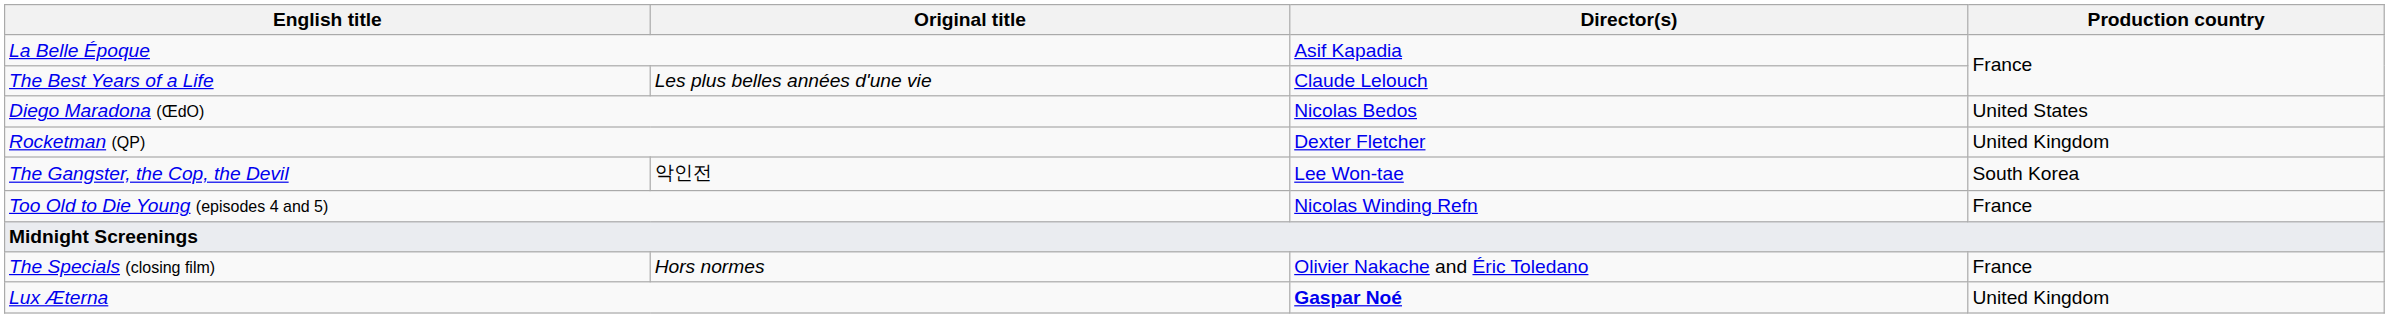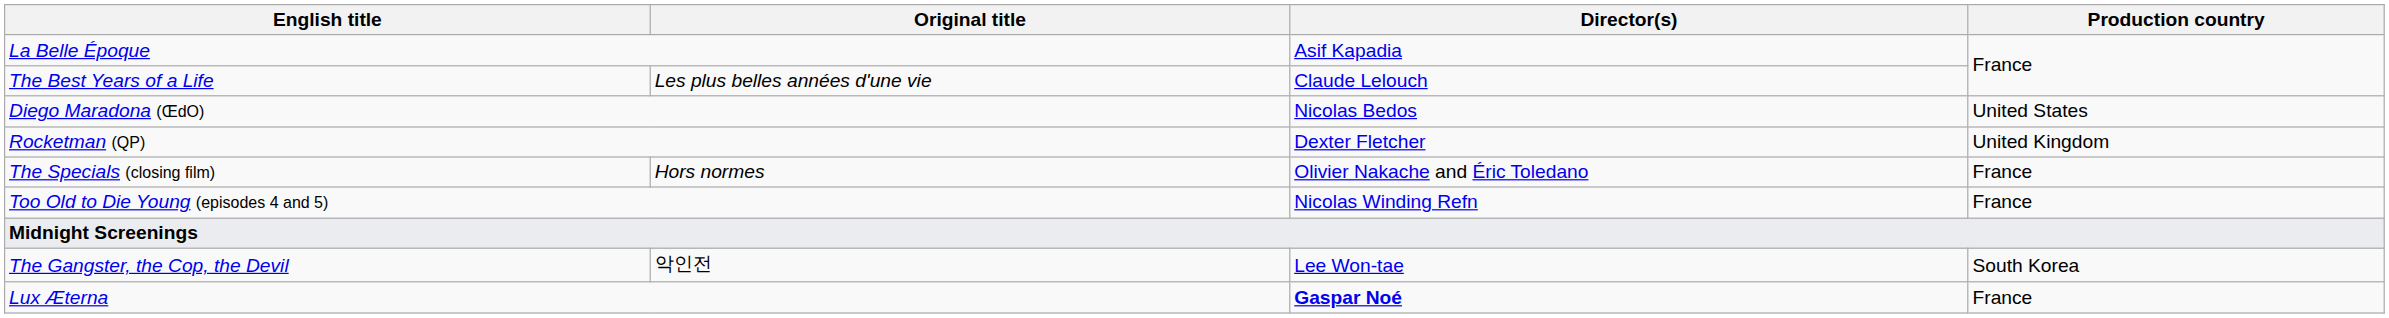 <table class="wikitable" style="width:100%; margin-bottom:4px" cellpadding="5">
 <tr>
 <th scope="col">English title</th>
 <th scope="col">Original title</th>
 <th scope="col">Director(s)</th>
 <th scope="col">Production country</th>
 </tr>
 <tr>
 <td colspan=2><em><a href='#'>La Belle Époque</a></em></td>
 <td><a href='#'>Asif Kapadia</a></td>
 <td rowspan="2">France</td>
 </tr>
 <tr>
 <td><em><a href='#'>The Best Years of a Life</a></em></td>
 <td><em>Les plus belles années d'une vie</em></td>
 <td><a href='#'>Claude Lelouch</a></td>
 </tr>
 <tr>
 <td colspan=2><em><a href='#'>Diego Maradona</a></em> <small>(ŒdO)</small></td>
 <td><a href='#'>Nicolas Bedos</a></td>
 <td>United States</td>
 </tr>
 <tr>
 <td colspan="2"><em><a href='#'>Rocketman</a></em> <small>(QP)</small></td>
 <td><a href='#'>Dexter Fletcher</a></td>
 <td>United Kingdom</td>
 </tr>
 <tr>
-<td><em><a href='#'>The Gangster, the Cop, the Devil</a></em></td>
-<td>악인전</td>
-<td><a href='#'>Lee Won-tae</a></td>
-<td>South Korea</td>
+<td><em><a href='#'>The Specials</a></em> <small>(closing film)</small></td>
+<td><em>Hors normes</em></td>
+<td><a href='#'>Olivier Nakache</a> and <a href='#'>Éric Toledano</a></td>
+<td>France</td>
 </tr>
 <tr>
 <td colspan="2"><em><a href='#'>Too Old to Die Young</a></em> <small>(episodes 4 and 5)</small></td>
 <td><a href='#'>Nicolas Winding Refn</a></td>
 <td>France</td>
 </tr>
 <tr>
 <td colspan=4 class="center" style="padding-center:120px; background-color:#EAECF0"><strong>Midnight Screenings</strong></td>
 </tr>
 <tr>
-<td><em><a href='#'>The Specials</a></em> <small>(closing film)</small></td>
-<td><em>Hors normes</em></td>
-<td><a href='#'>Olivier Nakache</a> and <a href='#'>Éric Toledano</a></td>
-<td>France</td>
+<td><em><a href='#'>The Gangster, the Cop, the Devil</a></em></td>
+<td>악인전</td>
+<td><a href='#'>Lee Won-tae</a></td>
+<td>South Korea</td>
 </tr>
 <tr>
 <td colspan=2><em><a href='#'>Lux Æterna</a></em></td>
 <td><strong><a href='#'>Gaspar Noé</a></strong></td>
-<td>United Kingdom</td>
+<td>France</td>
 </tr>
 </table>
